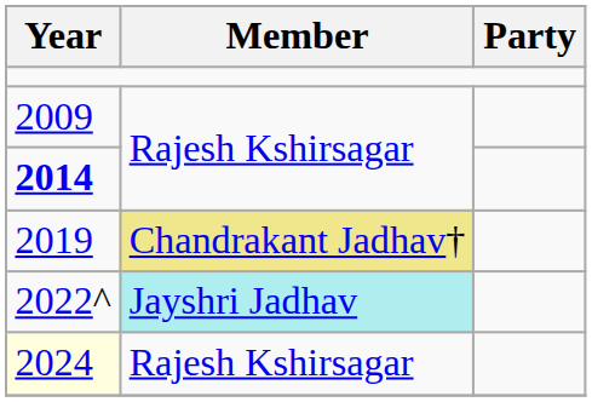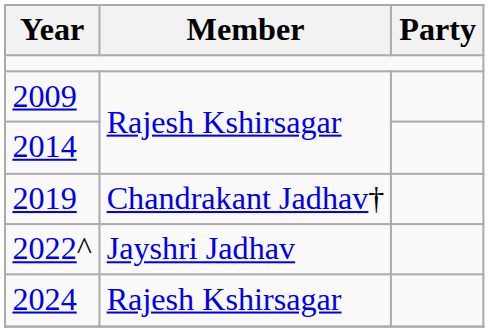 <table class="wikitable">
 <tr>
 <th>Year</th>
 <th>Member</th>
 <th colspan="2">Party</th>
 </tr>
 <tr>
 <td colspan="4"></td>
 </tr>
 <tr>
 <td><a href='#'>2009</a></td>
 <td rowspan="2"><a href='#'>Rajesh Kshirsagar</a></td>
 <td></td>
 </tr>
 <tr>
-<td><strong><a href='#'>2014</a></strong></td>
+<td><a href='#'>2014</a></td>
 </tr>
 <tr>
 <td><a href='#'>2019</a></td>
-<td style="background: khaki;"><a href='#'>Chandrakant Jadhav</a>†</td>
+<td><a href='#'>Chandrakant Jadhav</a>†</td>
 <td></td>
 </tr>
 <tr>
 <td><a href='#'>2022</a>^</td>
-<td style="background: paleturquoise;"><a href='#'>Jayshri Jadhav</a></td>
+<td><a href='#'>Jayshri Jadhav</a></td>
 </tr>
 <tr>
-<td style="background: lightyellow;"><a href='#'>2024</a></td>
+<td><a href='#'>2024</a></td>
 <td><a href='#'>Rajesh Kshirsagar</a></td>
 <td></td>
 </tr>
 <tr>
 </tr>
 </table>
